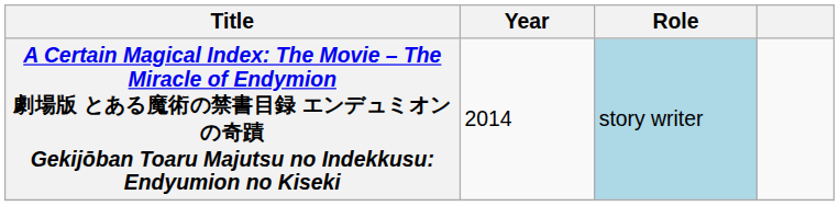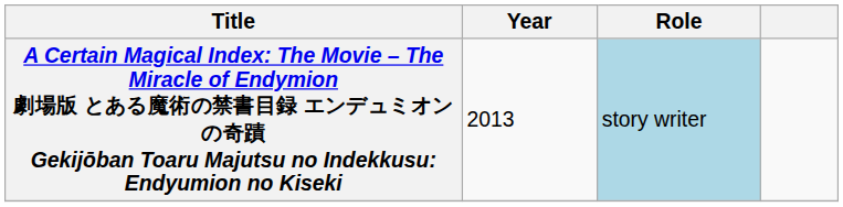 <table class="wikitable plainrowheaders sortable" style="margin-right: 0;">
 <tr>
 <th scope="col"  style="width:30em;">Title</th>
 <th scope="col"  style="width:8em;">Year</th>
 <th scope="col"  style="width:10em;">Role</th>
 <th scope="col"  style="width:5em;" class="unsortable"></th>
 </tr>
 <tr>
 <th scope="row"><em><a href='#'>A Certain Magical Index: The Movie – The Miracle of Endymion</a></em><br>劇場版 とある魔術の禁書目録 エンデュミオンの奇蹟 <br><em>Gekijōban Toaru Majutsu no Indekkusu: Endyumion no Kiseki</em></th>
-<td>2014</td>
+<td>2013</td>
 <td style="background: lightblue;">story writer</td>
 <td></td>
 </tr>
 <tr>
 </tr>
 </table>
